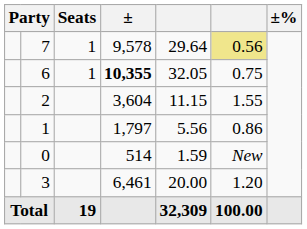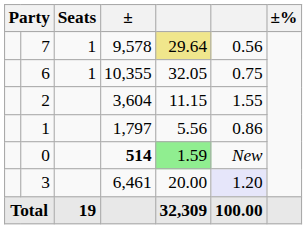 <table class=wikitable>
 <tr>
 <th colspan=2 align=center>Party</th>
 <th>Seats</th>
 <th>±</th>
 <th></th>
 <th></th>
 <th>±%</th>
 </tr>
 <tr>
 <td></td>
 <td align=right>7</td>
 <td align=right>1</td>
 <td align=right>9,578</td>
-<td align=right>29.64</td>
-<td align=right style="background: khaki;">0.56</td>
+<td align=right style="background: khaki;">29.64</td>
+<td align=right>0.56</td>
 </tr>
 <tr>
 <td></td>
 <td align=right>6</td>
 <td align=right> 1</td>
-<td align=right><strong>10,355</strong></td>
+<td align=right>10,355</td>
 <td align=right>32.05</td>
 <td align=right>0.75</td>
 </tr>
 <tr>
 <td></td>
 <td align=right>2</td>
 <td align=right></td>
 <td align=right>3,604</td>
 <td align=right>11.15</td>
 <td align=right>1.55</td>
 </tr>
 <tr>
 <td></td>
 <td align=right>1</td>
 <td align=right></td>
 <td align=right>1,797</td>
 <td align=right>5.56</td>
 <td align=right>0.86</td>
 </tr>
 <tr>
 <td></td>
 <td align=right>0</td>
 <td align=right></td>
-<td align=right>514</td>
-<td align=right>1.59</td>
+<td align=right><strong>514</strong></td>
+<td align=right style="background: lightgreen;">1.59</td>
 <td align=right><em>New</em></td>
 </tr>
 <tr>
 <td></td>
 <td align=right>3</td>
 <td align=right></td>
 <td align=right>6,461</td>
 <td align=right>20.00</td>
-<td align=right>1.20</td>
+<td align=right style="background: lavender;">1.20</td>
 </tr>
 <tr style="font-weight:bold; background:rgb(232,232,232);">
 <td colspan=2 align=center>Total</td>
 <td align=right>19</td>
 <td align=center></td>
 <td align=right>32,309</td>
 <td align=center>100.00</td>
 <td align=center></td>
 </tr>
 </table>
